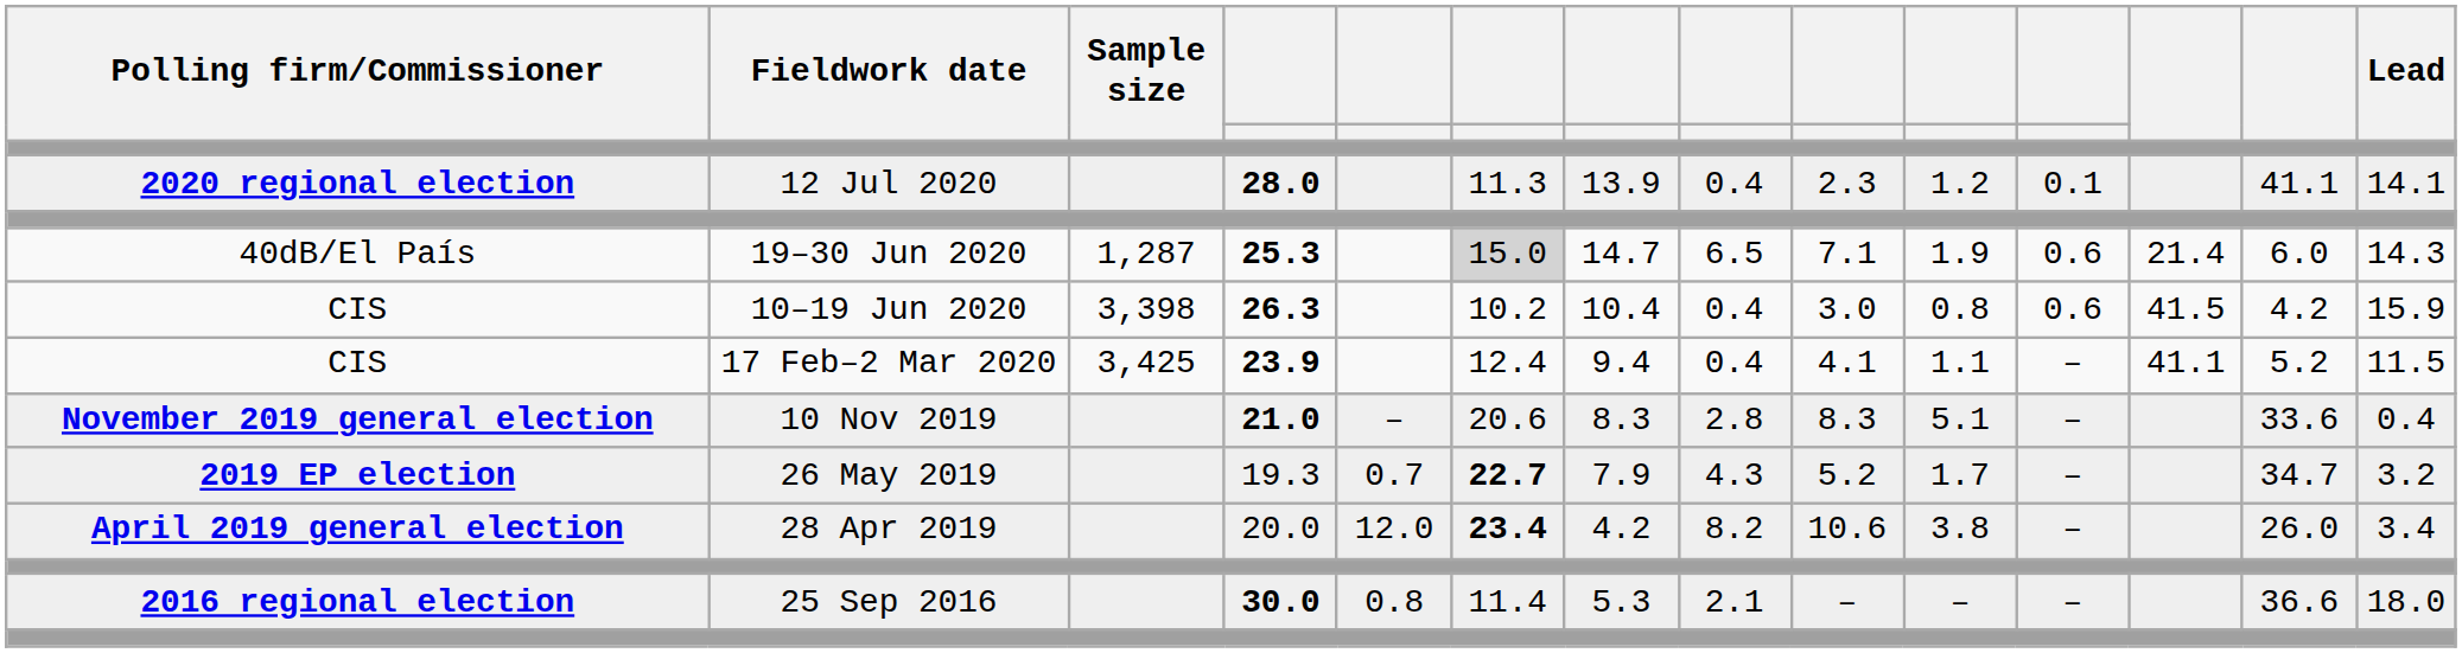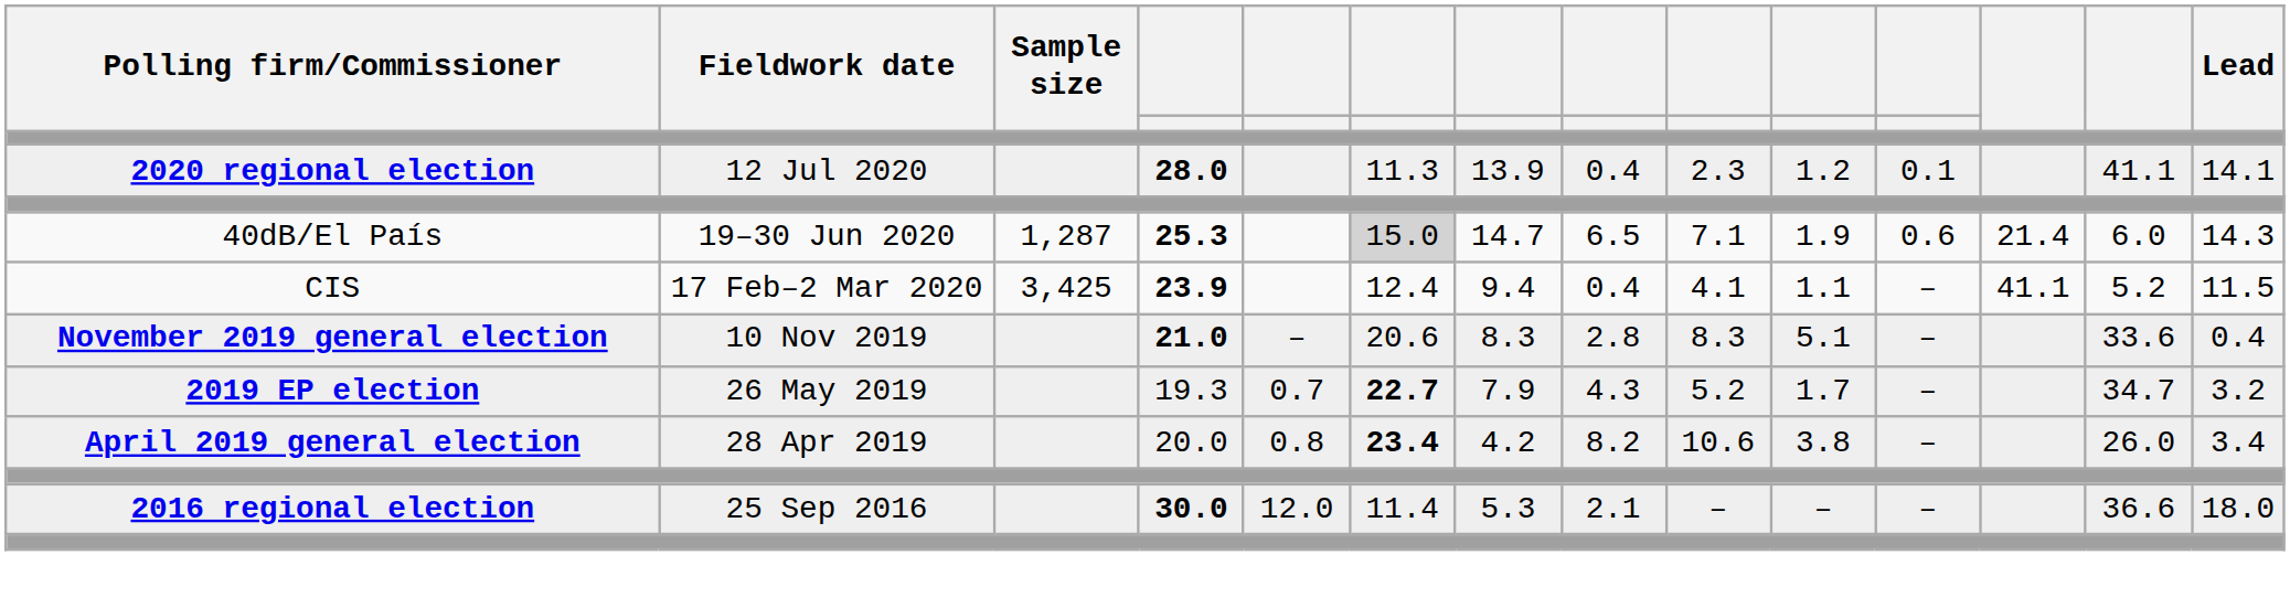 <table class="wikitable collapsible collapsed" style="text-align:center; font-size:90%; line-height:14px;">
 <tr style="height:42px;">
 <th style="width:250px;" rowspan="2">Polling firm/Commissioner</th>
 <th style="width:125px;" rowspan="2">Fieldwork date</th>
 <th style="width:50px;" rowspan="2">Sample size</th>
 <th style="width:35px;"></th>
 <th style="width:35px;"></th>
 <th style="width:35px;"></th>
 <th style="width:35px;"></th>
 <th style="width:35px;"></th>
 <th style="width:35px;"></th>
 <th style="width:35px;"></th>
 <th style="width:35px;"></th>
 <th style="width:35px;" rowspan="2"></th>
 <th style="width:35px;" rowspan="2"></th>
 <th style="width:30px;" rowspan="2">Lead</th>
 </tr>
 <tr>
 <th style="color:inherit;background:"></th>
 <th style="color:inherit;background:"></th>
 <th style="color:inherit;background:"></th>
 <th style="color:inherit;background:"></th>
 <th style="color:inherit;background:"></th>
 <th style="color:inherit;background:"></th>
 <th style="color:inherit;background:"></th>
 <th style="color:inherit;background:"></th>
 </tr>
 <tr>
 <td colspan="14" style="background:#A0A0A0"></td>
 </tr>
 <tr style="background:#EFEFEF;">
 <td><strong><a href='#'>2020 regional election</a></strong></td>
 <td>12 Jul 2020</td>
 <td></td>
 <td><strong>28.0</strong></td>
 <td></td>
 <td>11.3</td>
 <td>13.9</td>
 <td>0.4</td>
 <td>2.3</td>
 <td>1.2</td>
 <td>0.1</td>
 <td></td>
 <td>41.1</td>
 <td style="background:">14.1</td>
 </tr>
 <tr>
 <td colspan="14" style="background:#A0A0A0"></td>
 </tr>
 <tr>
 <td>40dB/El País</td>
 <td>19–30 Jun 2020</td>
 <td>1,287</td>
 <td><strong>25.3</strong></td>
 <td></td>
 <td style="background: lightgrey;">15.0</td>
 <td>14.7</td>
 <td>6.5</td>
 <td>7.1</td>
 <td>1.9</td>
 <td>0.6</td>
 <td>21.4</td>
 <td>6.0</td>
 <td style="background:">14.3</td>
 </tr>
 <tr>
 <td>CIS</td>
-<td>10–19 Jun 2020</td>
-<td>3,398</td>
-<td><strong>26.3</strong></td>
-<td></td>
-<td>10.2</td>
-<td>10.4</td>
-<td>0.4</td>
-<td>3.0</td>
-<td>0.8</td>
-<td>0.6</td>
-<td>41.5</td>
-<td>4.2</td>
-<td style="background:">15.9</td>
-</tr>
-<tr>
-<td>CIS</td>
 <td>17 Feb–2 Mar 2020</td>
 <td>3,425</td>
 <td><strong>23.9</strong></td>
 <td></td>
 <td>12.4</td>
 <td>9.4</td>
 <td>0.4</td>
 <td>4.1</td>
 <td>1.1</td>
 <td>–</td>
 <td>41.1</td>
 <td>5.2</td>
 <td style="background:">11.5</td>
 </tr>
 <tr style="background:#EFEFEF;">
 <td><strong><a href='#'>November 2019 general election</a></strong></td>
 <td>10 Nov 2019</td>
 <td></td>
 <td><strong>21.0</strong></td>
 <td>–</td>
 <td>20.6</td>
 <td>8.3</td>
 <td>2.8</td>
 <td>8.3</td>
 <td>5.1</td>
 <td>–</td>
 <td></td>
 <td>33.6</td>
 <td style="background:">0.4</td>
 </tr>
 <tr style="background:#EFEFEF;">
 <td><strong><a href='#'>2019 EP election</a></strong></td>
 <td>26 May 2019</td>
 <td></td>
 <td>19.3</td>
 <td>0.7</td>
 <td><strong>22.7</strong></td>
 <td>7.9</td>
 <td>4.3</td>
 <td>5.2</td>
 <td>1.7</td>
 <td>–</td>
 <td></td>
 <td>34.7</td>
 <td style="background:">3.2</td>
 </tr>
 <tr style="background:#EFEFEF;">
 <td><strong><a href='#'>April 2019 general election</a></strong></td>
 <td>28 Apr 2019</td>
 <td></td>
 <td>20.0</td>
-<td>12.0</td>
+<td>0.8</td>
 <td><strong>23.4</strong></td>
 <td>4.2</td>
 <td>8.2</td>
 <td>10.6</td>
 <td>3.8</td>
 <td>–</td>
 <td></td>
 <td>26.0</td>
 <td style="background:">3.4</td>
 </tr>
 <tr>
 <td colspan="14" style="background:#A0A0A0"></td>
 </tr>
 <tr style="background:#EFEFEF;">
 <td><strong><a href='#'>2016 regional election</a></strong></td>
 <td>25 Sep 2016</td>
 <td></td>
 <td><strong>30.0</strong></td>
-<td>0.8</td>
+<td>12.0</td>
 <td>11.4</td>
 <td>5.3</td>
 <td>2.1</td>
 <td>–</td>
 <td>–</td>
 <td>–</td>
 <td></td>
 <td>36.6</td>
 <td style="background:">18.0</td>
 </tr>
 <tr>
 <td colspan="14" style="background:#A0A0A0"></td>
 </tr>
 </table>
